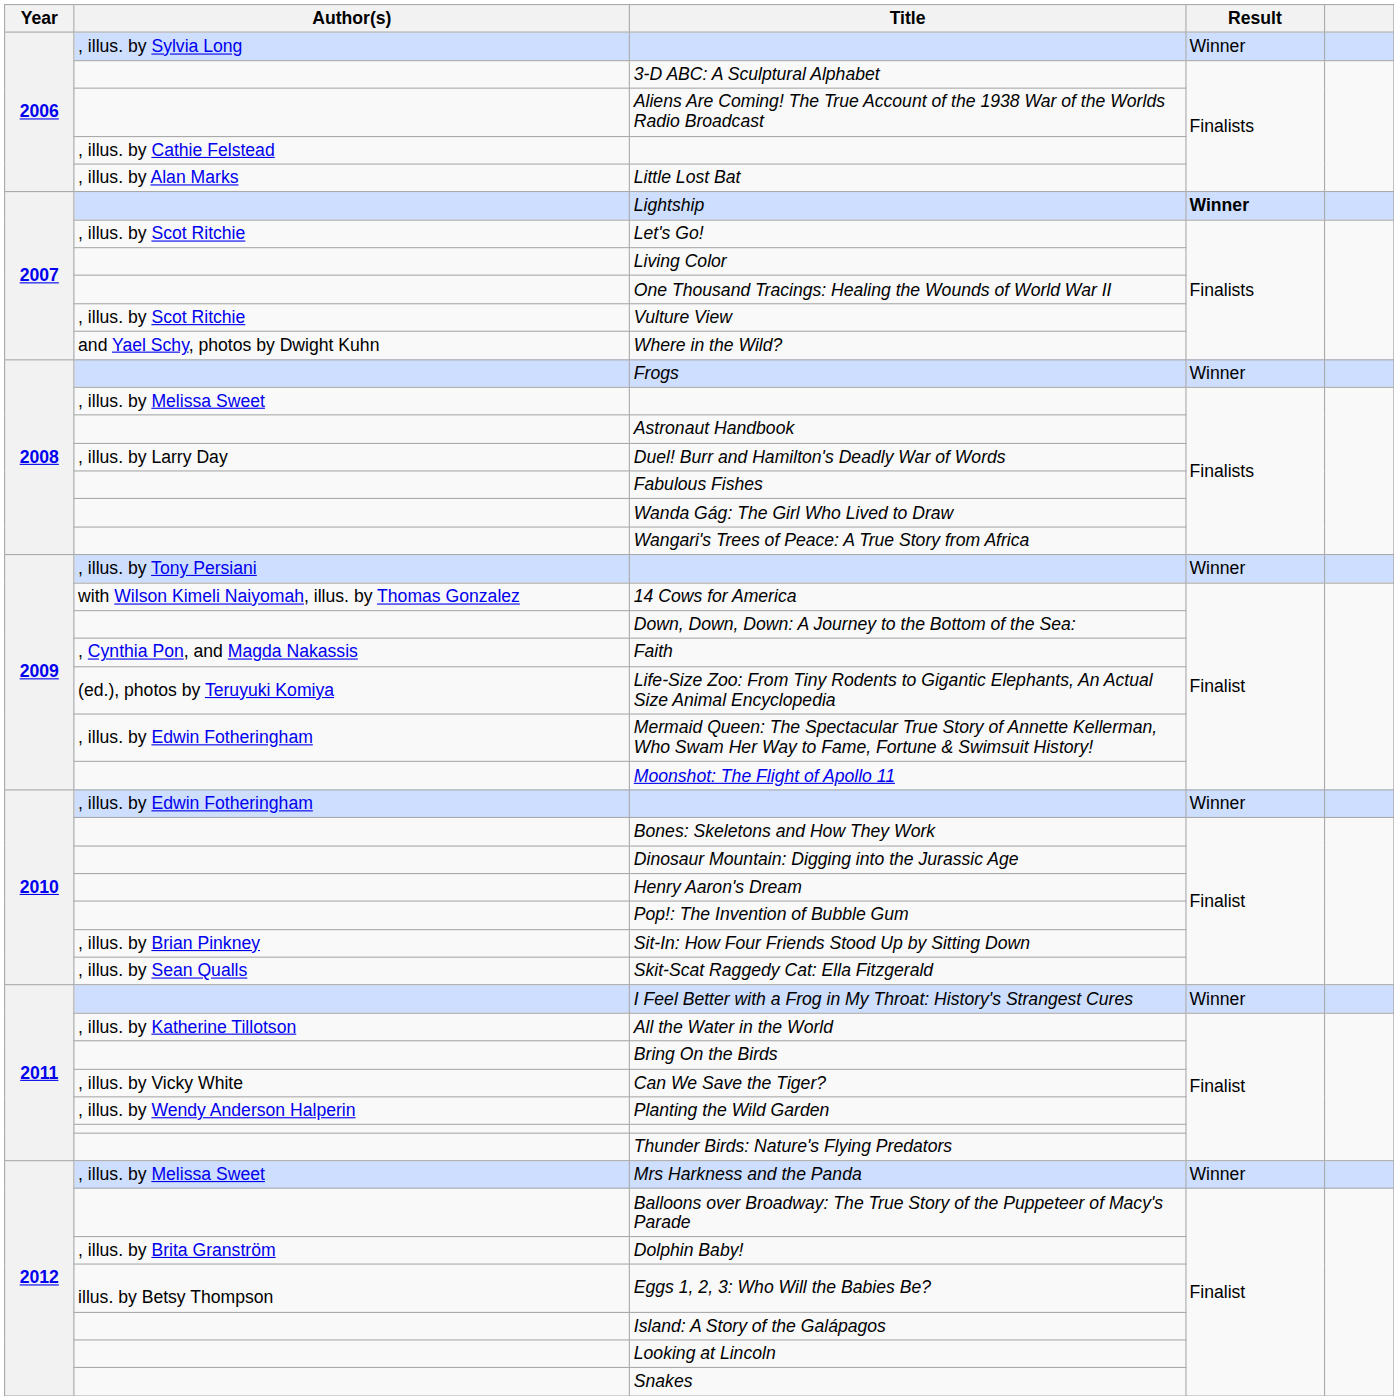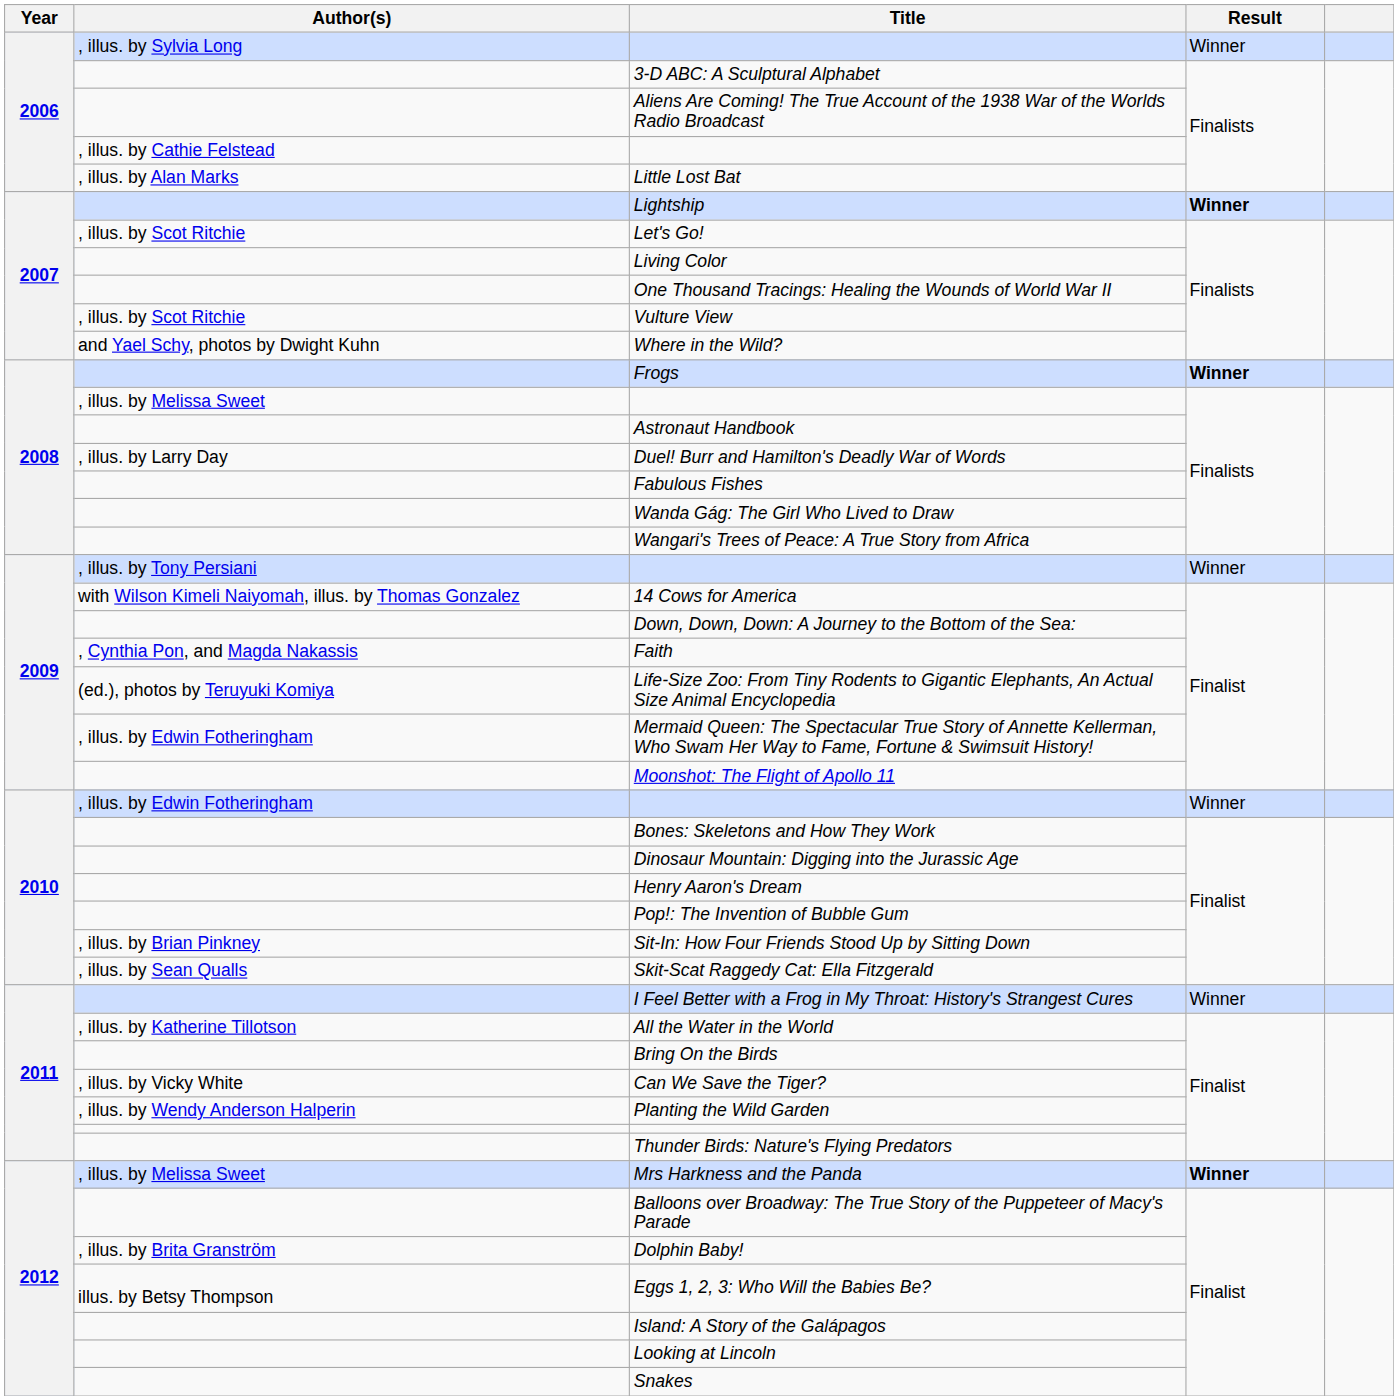 <table class="wikitable sortable mw-collapsible" width="100%">
 <tr>
 <th scope=col width="5%">Year</th>
 <th scope=col width="40%">Author(s)</th>
 <th scope=col width="40%">Title</th>
 <th scope=col width="10%">Result</th>
 <th scope=col width="5%" class="unsortable"></th>
 </tr>
 <tr style=background:#cddeff>
 <th scope=row rowspan="5"><a href='#'>2006</a></th>
 <td>, illus. by <a href='#'>Sylvia Long</a></td>
 <td></td>
 <td>Winner</td>
 <td></td>
 </tr>
 <tr>
 <td></td>
 <td><em>3-D ABC: A Sculptural Alphabet</em></td>
 <td rowspan="4">Finalists</td>
 <td rowspan="4"></td>
 </tr>
 <tr>
 <td></td>
 <td><em>Aliens Are Coming! The True Account of the 1938 War of the Worlds Radio Broadcast</em></td>
 </tr>
 <tr>
 <td>, illus. by <a href='#'>Cathie Felstead</a></td>
 <td></td>
 </tr>
 <tr>
 <td>, illus. by <a href='#'>Alan Marks</a></td>
 <td><em>Little Lost Bat</em></td>
 </tr>
 <tr style=background:#cddeff>
 <th scope=row rowspan="6"><a href='#'>2007</a></th>
 <td></td>
 <td><em>Lightship</em></td>
 <td><strong>Winner</strong></td>
 <td></td>
 </tr>
 <tr>
 <td>, illus. by <a href='#'>Scot Ritchie</a></td>
 <td><em>Let's Go!</em></td>
 <td rowspan="5">Finalists</td>
 <td rowspan="5"></td>
 </tr>
 <tr>
 <td></td>
 <td><em>Living Color</em></td>
 </tr>
 <tr>
 <td></td>
 <td><em>One Thousand Tracings: Healing the Wounds of World War II</em></td>
 </tr>
 <tr>
 <td>, illus. by <a href='#'>Scot Ritchie</a></td>
 <td><em>Vulture View</em></td>
 </tr>
 <tr>
 <td> and <a href='#'>Yael Schy</a>, photos by Dwight Kuhn</td>
 <td><em>Where in the Wild?</em></td>
 </tr>
 <tr style=background:#cddeff>
 <th scope=row rowspan="7"><a href='#'>2008</a></th>
 <td></td>
 <td><em>Frogs</em></td>
-<td>Winner</td>
+<td><strong>Winner</strong></td>
 <td></td>
 </tr>
 <tr>
 <td>, illus. by <a href='#'>Melissa Sweet</a></td>
 <td></td>
 <td rowspan="6">Finalists</td>
 <td rowspan="6"></td>
 </tr>
 <tr>
 <td></td>
 <td><em>Astronaut Handbook</em></td>
 </tr>
 <tr>
 <td>, illus. by Larry Day</td>
 <td><em>Duel! Burr and Hamilton's Deadly War of Words</em></td>
 </tr>
 <tr>
 <td></td>
 <td><em>Fabulous Fishes</em></td>
 </tr>
 <tr>
 <td></td>
 <td><em>Wanda Gág: The Girl Who Lived to Draw</em></td>
 </tr>
 <tr>
 <td></td>
 <td><em>Wangari's Trees of Peace: A True Story from Africa</em></td>
 </tr>
 <tr style=background:#cddeff>
 <th scope=row rowspan="7"><a href='#'>2009</a></th>
 <td>, illus. by <a href='#'>Tony Persiani</a></td>
 <td><em></em></td>
 <td>Winner</td>
 <td></td>
 </tr>
 <tr>
 <td> with <a href='#'>Wilson Kimeli Naiyomah</a>, illus. by <a href='#'>Thomas Gonzalez</a></td>
 <td><em>14 Cows for America</em></td>
 <td rowspan="6">Finalist</td>
 <td rowspan="6"></td>
 </tr>
 <tr>
 <td></td>
 <td><em>Down, Down, Down: A Journey to the Bottom of the Sea:</em></td>
 </tr>
 <tr>
 <td>, <a href='#'>Cynthia Pon</a>, and <a href='#'>Magda Nakassis</a></td>
 <td><em>Faith</em></td>
 </tr>
 <tr>
 <td> (ed.), photos by <a href='#'>Teruyuki Komiya</a></td>
 <td><em>Life-Size Zoo: From Tiny Rodents to Gigantic Elephants, An Actual Size Animal Encyclopedia</em></td>
 </tr>
 <tr>
 <td>, illus. by <a href='#'>Edwin Fotheringham</a></td>
 <td><em>Mermaid Queen: The Spectacular True Story of Annette Kellerman, Who Swam Her Way to Fame, Fortune & Swimsuit History!</em></td>
 </tr>
 <tr>
 <td></td>
 <td><em><a href='#'>Moonshot: The Flight of Apollo 11</a></em></td>
 </tr>
 <tr style=background:#cddeff>
 <th scope=row rowspan="7"><a href='#'>2010</a></th>
 <td>, illus. by <a href='#'>Edwin Fotheringham</a></td>
 <td><em></em></td>
 <td>Winner</td>
 <td></td>
 </tr>
 <tr>
 <td></td>
 <td><em>Bones: Skeletons and How They Work</em></td>
 <td rowspan="6">Finalist</td>
 <td rowspan="6"></td>
 </tr>
 <tr>
 <td></td>
 <td><em>Dinosaur Mountain: Digging into the Jurassic Age</em></td>
 </tr>
 <tr>
 <td></td>
 <td><em>Henry Aaron's Dream</em></td>
 </tr>
 <tr>
 <td></td>
 <td><em>Pop!: The Invention of Bubble Gum</em></td>
 </tr>
 <tr>
 <td>, illus. by <a href='#'>Brian Pinkney</a></td>
 <td><em>Sit-In: How Four Friends Stood Up by Sitting Down</em></td>
 </tr>
 <tr>
 <td>, illus. by <a href='#'>Sean Qualls</a></td>
 <td><em>Skit-Scat Raggedy Cat: Ella Fitzgerald</em></td>
 </tr>
 <tr style="background:#cddeff">
 <th scope=row rowspan="7"><a href='#'>2011</a></th>
 <td></td>
 <td><em>I Feel Better with a Frog in My Throat: History's Strangest Cures</em></td>
 <td>Winner</td>
 <td></td>
 </tr>
 <tr>
 <td>, illus. by <a href='#'>Katherine Tillotson</a></td>
 <td><em>All the Water in the World</em></td>
 <td rowspan="6">Finalist</td>
 <td rowspan="6"></td>
 </tr>
 <tr>
 <td></td>
 <td><em>Bring On the Birds</em></td>
 </tr>
 <tr>
 <td>, illus. by Vicky White</td>
 <td><em>Can We Save the Tiger?</em></td>
 </tr>
 <tr>
 <td>, illus. by <a href='#'>Wendy Anderson Halperin</a></td>
 <td><em>Planting the Wild Garden</em></td>
 </tr>
 <tr>
 <td></td>
 <td></td>
 </tr>
 <tr>
 <td></td>
 <td><em>Thunder Birds: Nature's Flying Predators</em></td>
 </tr>
 <tr style="background:#cddeff">
 <th scope=row rowspan="7"><a href='#'>2012</a></th>
 <td>, illus. by <a href='#'>Melissa Sweet</a></td>
 <td><em>Mrs Harkness and the Panda</em></td>
-<td>Winner</td>
+<td><strong>Winner</strong></td>
 <td></td>
 </tr>
 <tr>
 <td></td>
 <td><em>Balloons over Broadway: The True Story of the Puppeteer of Macy's Parade</em></td>
 <td rowspan="6">Finalist</td>
 <td rowspan="6"></td>
 </tr>
 <tr>
 <td>, illus. by <a href='#'>Brita Granström</a></td>
 <td><em>Dolphin Baby!</em></td>
 </tr>
 <tr>
 <td><br>illus. by Betsy Thompson</td>
 <td><em>Eggs 1, 2, 3: Who Will the Babies Be?</em></td>
 </tr>
 <tr>
 <td></td>
 <td><em>Island: A Story of the Galápagos</em></td>
 </tr>
 <tr>
 <td></td>
 <td><em>Looking at Lincoln</em></td>
 </tr>
 <tr>
 <td></td>
 <td><em>Snakes</em></td>
 </tr>
 </table>
